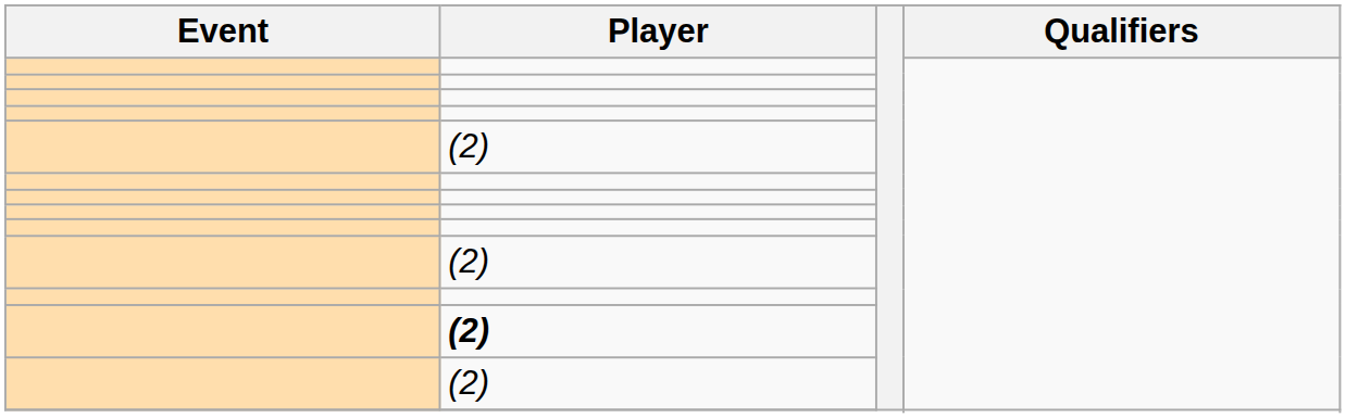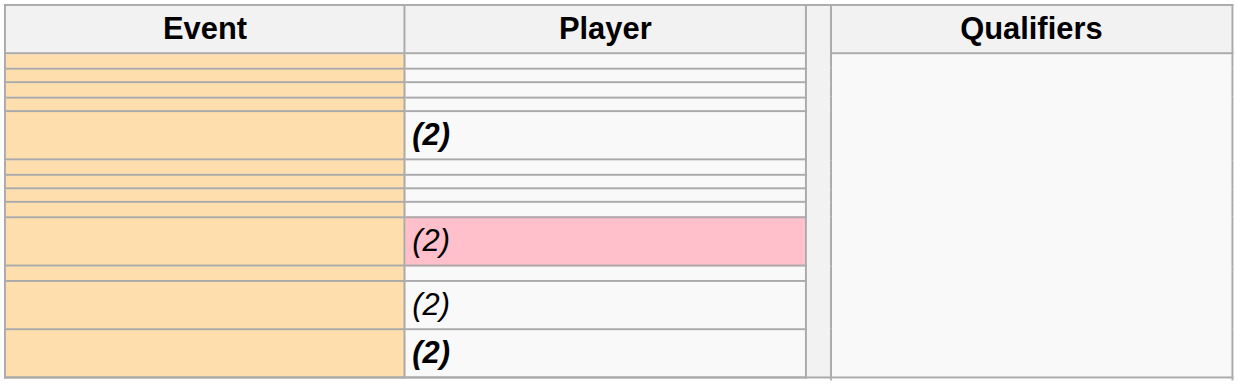 <table class="wikitable">
 <tr>
 <th width=200>Event</th>
 <th width=200>Player</th>
 <th rowspan=16 width=6></th>
 <th width=200>Qualifiers</th>
 </tr>
 <tr>
 <td style="background:#ffdead;"><strong></strong></td>
 <td><em></em></td>
 <td rowspan=14><br><br><br><br></td>
 </tr>
 <tr>
 <td style="background:#ffdead;"><strong></strong></td>
 <td><em></em></td>
 </tr>
 <tr>
 <td style="background:#ffdead;"><strong></strong></td>
 <td></td>
 </tr>
 <tr>
 <td style="background:#ffdead;"><strong></strong></td>
 <td></td>
 </tr>
 <tr>
 <td style="background:#ffdead;"><strong></strong></td>
-<td><em>(2)</em></td>
+<td><strong><em>(2)</em></strong></td>
 </tr>
 <tr>
 <td style="background:#ffdead;"><strong></strong></td>
 <td><em></em></td>
 </tr>
 <tr>
 <td style="background:#ffdead;"><strong></strong></td>
 <td></td>
 </tr>
 <tr>
 <td style="background:#ffdead;"><strong></strong></td>
 <td></td>
 </tr>
 <tr>
 <td style="background:#ffdead;"><strong></strong></td>
 <td></td>
 </tr>
 <tr>
 <td style="background:#ffdead;"><strong></strong></td>
-<td><em>(2)</em></td>
+<td style="background: pink;"><em>(2)</em></td>
 </tr>
 <tr>
 <td style="background:#ffdead;"><strong></strong></td>
 <td><em></em></td>
 </tr>
 <tr>
 <td style="background:#ffdead;"><strong></strong></td>
-<td><strong><em>(2)</em></strong></td>
+<td><em>(2)</em></td>
 </tr>
 <tr>
 <td style="background:#ffdead;"><strong></strong></td>
-<td><em>(2)</em></td>
+<td><strong><em>(2)</em></strong></td>
 </tr>
 <tr>
 </tr>
 </table>
